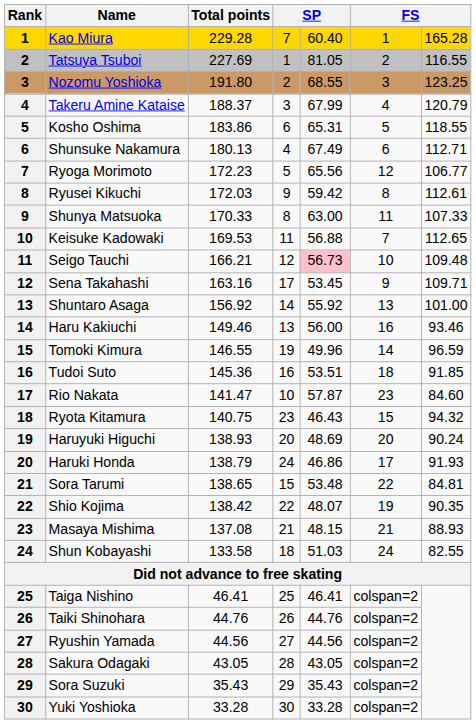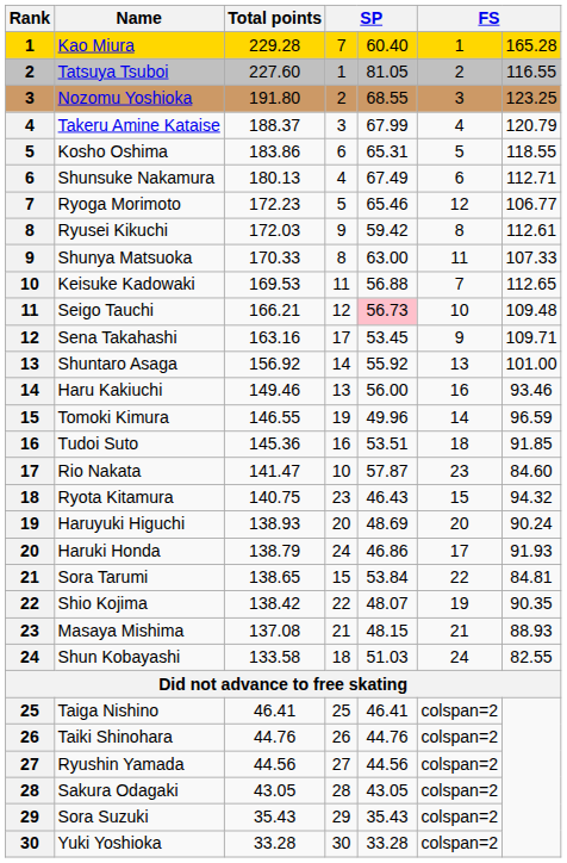 <table class="wikitable sortable">
 <tr>
 <th>Rank</th>
 <th>Name</th>
 <th>Total points</th>
 <th colspan="2" width="80px"><a href='#'>SP</a></th>
 <th colspan="2" width="80px"><a href='#'>FS</a></th>
 </tr>
 <tr bgcolor="gold">
 <td align="center"><strong>1</strong></td>
 <td><a href='#'>Kao Miura</a></td>
 <td align="center">229.28</td>
 <td align="center">7</td>
 <td align="center">60.40</td>
 <td align="center">1</td>
 <td align="center">165.28</td>
 </tr>
 <tr bgcolor="silver">
 <td align="center"><strong>2</strong></td>
 <td><a href='#'>Tatsuya Tsuboi</a></td>
-<td align="center">227.69</td>
+<td align="center">227.60</td>
 <td align="center">1</td>
 <td align="center">81.05</td>
 <td align="center">2</td>
 <td align="center">116.55</td>
 </tr>
 <tr bgcolor="cc9966">
 <td align="center"><strong>3</strong></td>
 <td><a href='#'>Nozomu Yoshioka</a></td>
 <td align="center">191.80</td>
 <td align="center">2</td>
 <td align="center">68.55</td>
 <td align="center">3</td>
 <td align="center">123.25</td>
 </tr>
 <tr>
 <th>4</th>
 <td><a href='#'>Takeru Amine Kataise</a></td>
 <td align="center">188.37</td>
 <td align="center">3</td>
 <td align="center">67.99</td>
 <td align="center">4</td>
 <td align="center">120.79</td>
 </tr>
 <tr>
 <th>5</th>
 <td>Kosho Oshima</td>
 <td align="center">183.86</td>
 <td align="center">6</td>
 <td align="center">65.31</td>
 <td align="center">5</td>
 <td align="center">118.55</td>
 </tr>
 <tr>
 <th>6</th>
 <td Shunsuke Nakamura (figure skater)>Shunsuke Nakamura</td>
 <td align="center">180.13</td>
 <td align="center">4</td>
 <td align="center">67.49</td>
 <td align="center">6</td>
 <td align="center">112.71</td>
 </tr>
 <tr>
 <th>7</th>
 <td>Ryoga Morimoto</td>
 <td align="center">172.23</td>
 <td align="center">5</td>
-<td align="center">65.56</td>
+<td align="center">65.46</td>
 <td align="center">12</td>
 <td align="center">106.77</td>
 </tr>
 <tr>
 <th>8</th>
 <td>Ryusei Kikuchi</td>
 <td align="center">172.03</td>
 <td align="center">9</td>
 <td align="center">59.42</td>
 <td align="center">8</td>
 <td align="center">112.61</td>
 </tr>
 <tr>
 <th>9</th>
 <td>Shunya Matsuoka</td>
 <td align="center">170.33</td>
 <td align="center">8</td>
 <td align="center">63.00</td>
 <td align="center">11</td>
 <td align="center">107.33</td>
 </tr>
 <tr>
 <th>10</th>
 <td>Keisuke Kadowaki</td>
 <td align="center">169.53</td>
 <td align="center">11</td>
 <td align="center">56.88</td>
 <td align="center">7</td>
 <td align="center">112.65</td>
 </tr>
 <tr>
 <th>11</th>
 <td>Seigo Tauchi</td>
 <td align="center">166.21</td>
 <td align="center">12</td>
 <td align="center" style="background: pink;">56.73</td>
 <td align="center">10</td>
 <td align="center">109.48</td>
 </tr>
 <tr>
 <th>12</th>
 <td>Sena Takahashi</td>
 <td align="center">163.16</td>
 <td align="center">17</td>
 <td align="center">53.45</td>
 <td align="center">9</td>
 <td align="center">109.71</td>
 </tr>
 <tr>
 <th>13</th>
 <td>Shuntaro Asaga</td>
 <td align="center">156.92</td>
 <td align="center">14</td>
 <td align="center">55.92</td>
 <td align="center">13</td>
 <td align="center">101.00</td>
 </tr>
 <tr>
 <th>14</th>
 <td>Haru Kakiuchi</td>
 <td align="center">149.46</td>
 <td align="center">13</td>
 <td align="center">56.00</td>
 <td align="center">16</td>
 <td align="center">93.46</td>
 </tr>
 <tr>
 <th>15</th>
 <td>Tomoki Kimura</td>
 <td align="center">146.55</td>
 <td align="center">19</td>
 <td align="center">49.96</td>
 <td align="center">14</td>
 <td align="center">96.59</td>
 </tr>
 <tr>
 <th>16</th>
 <td>Tudoi Suto</td>
 <td align="center">145.36</td>
 <td align="center">16</td>
 <td align="center">53.51</td>
 <td align="center">18</td>
 <td align="center">91.85</td>
 </tr>
 <tr>
 <th>17</th>
 <td>Rio Nakata</td>
 <td align="center">141.47</td>
 <td align="center">10</td>
 <td align="center">57.87</td>
 <td align="center">23</td>
 <td align="center">84.60</td>
 </tr>
 <tr>
 <th>18</th>
 <td Ryota Kitamura (figure skater)>Ryota Kitamura</td>
 <td align="center">140.75</td>
 <td align="center">23</td>
 <td align="center">46.43</td>
 <td align="center">15</td>
 <td align="center">94.32</td>
 </tr>
 <tr>
 <th>19</th>
 <td>Haruyuki Higuchi</td>
 <td align="center">138.93</td>
 <td align="center">20</td>
 <td align="center">48.69</td>
 <td align="center">20</td>
 <td align="center">90.24</td>
 </tr>
 <tr>
 <th>20</th>
 <td>Haruki Honda</td>
 <td align="center">138.79</td>
 <td align="center">24</td>
 <td align="center">46.86</td>
 <td align="center">17</td>
 <td align="center">91.93</td>
 </tr>
 <tr>
 <th>21</th>
 <td>Sora Tarumi</td>
 <td align="center">138.65</td>
 <td align="center">15</td>
-<td align="center">53.48</td>
+<td align="center">53.84</td>
 <td align="center">22</td>
 <td align="center">84.81</td>
 </tr>
 <tr>
 <th>22</th>
 <td>Shio Kojima</td>
 <td align="center">138.42</td>
 <td align="center">22</td>
 <td align="center">48.07</td>
 <td align="center">19</td>
 <td align="center">90.35</td>
 </tr>
 <tr>
 <th>23</th>
 <td>Masaya Mishima</td>
 <td align="center">137.08</td>
 <td align="center">21</td>
 <td align="center">48.15</td>
 <td align="center">21</td>
 <td align="center">88.93</td>
 </tr>
 <tr>
 <th>24</th>
 <td>Shun Kobayashi</td>
 <td align="center">133.58</td>
 <td align="center">18</td>
 <td align="center">51.03</td>
 <td align="center">24</td>
 <td align="center">82.55</td>
 </tr>
 <tr>
 <th colspan=8>Did not advance to free skating</th>
 </tr>
 <tr>
 <th>25</th>
 <td>Taiga Nishino</td>
 <td align="center">46.41</td>
 <td align="center">25</td>
 <td align="center">46.41</td>
 <td>colspan=2 </td>
 </tr>
 <tr>
 <th>26</th>
 <td>Taiki Shinohara</td>
 <td align="center">44.76</td>
 <td align="center">26</td>
 <td align="center">44.76</td>
 <td>colspan=2 </td>
 </tr>
 <tr>
 <th>27</th>
 <td>Ryushin Yamada</td>
 <td align="center">44.56</td>
 <td align="center">27</td>
 <td align="center">44.56</td>
 <td>colspan=2 </td>
 </tr>
 <tr>
 <th>28</th>
 <td>Sakura Odagaki</td>
 <td align="center">43.05</td>
 <td align="center">28</td>
 <td align="center">43.05</td>
 <td>colspan=2 </td>
 </tr>
 <tr>
 <th>29</th>
 <td>Sora Suzuki</td>
 <td align="center">35.43</td>
 <td align="center">29</td>
 <td align="center">35.43</td>
 <td>colspan=2 </td>
 </tr>
 <tr>
 <th>30</th>
 <td>Yuki Yoshioka</td>
 <td align="center">33.28</td>
 <td align="center">30</td>
 <td align="center">33.28</td>
 <td>colspan=2 </td>
 </tr>
 </table>
